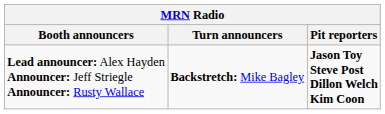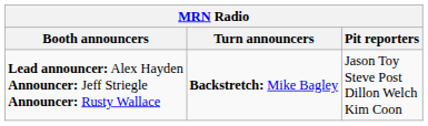 <table class="wikitable" style="font-size: 95%">
 <tr>
 <th colspan="3"><a href='#'>MRN</a> Radio</th>
 </tr>
 <tr>
 <th>Booth announcers</th>
 <th>Turn announcers</th>
 <th>Pit reporters</th>
 </tr>
 <tr>
 <td><strong>Lead announcer:</strong> Alex Hayden<br><strong>Announcer:</strong> Jeff Striegle<br><strong>Announcer:</strong> <a href='#'>Rusty Wallace</a></td>
 <td><strong>Backstretch:</strong> <a href='#'>Mike Bagley</a></td>
-<td><strong>Jason Toy<br>Steve Post<br>Dillon Welch<br>Kim Coon</strong></td>
+<td>Jason Toy<br>Steve Post<br>Dillon Welch<br>Kim Coon</td>
 </tr>
 </table>
